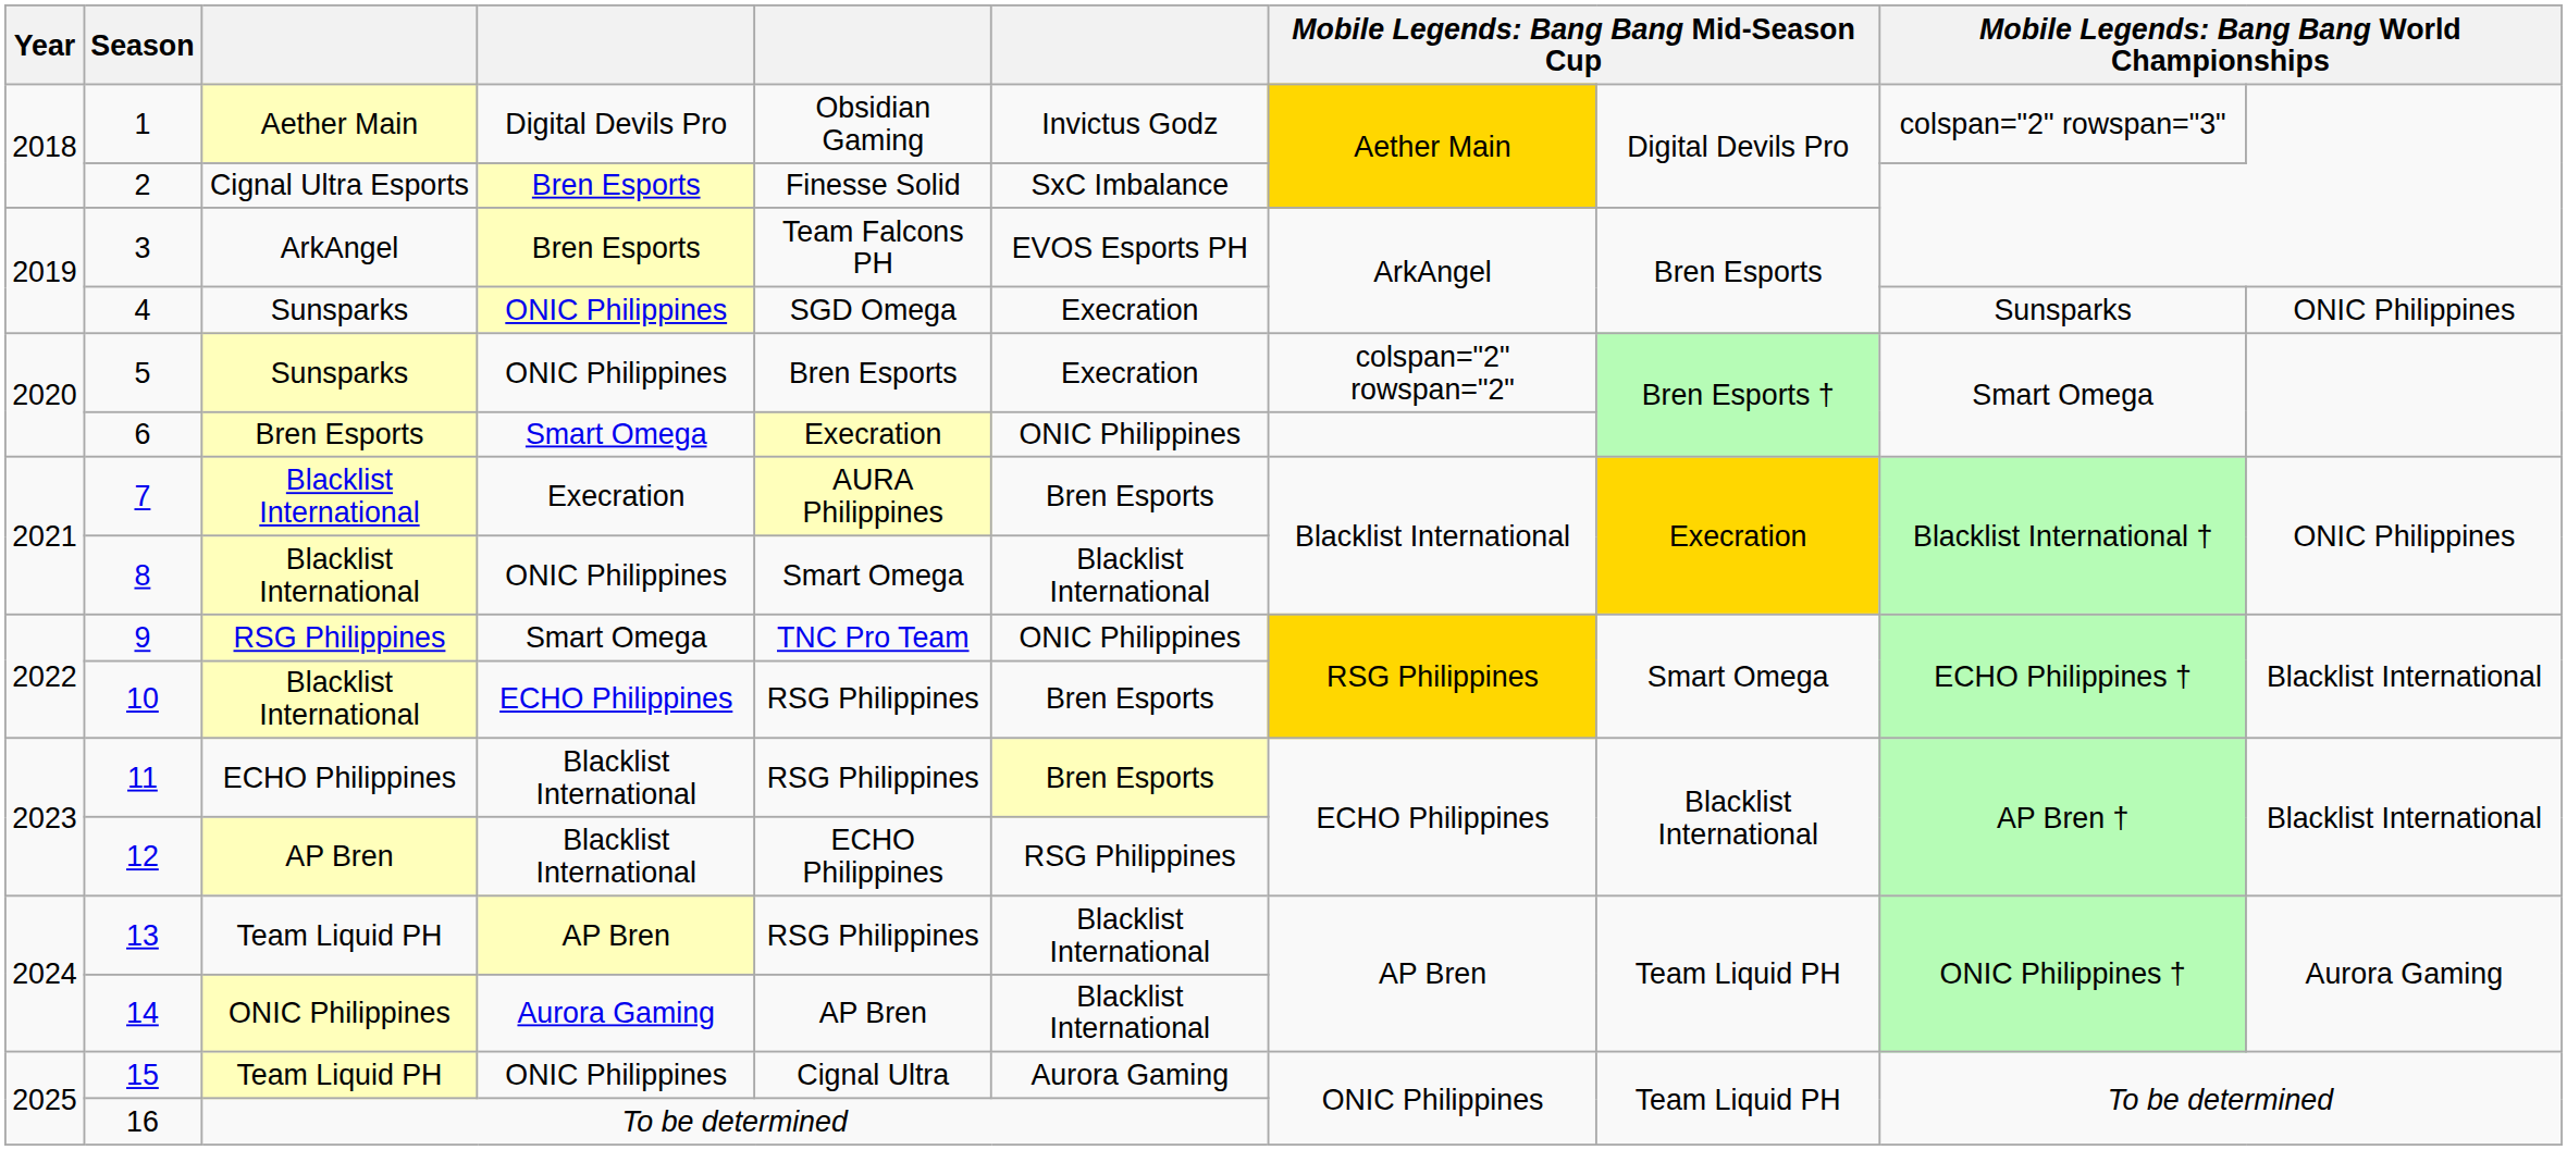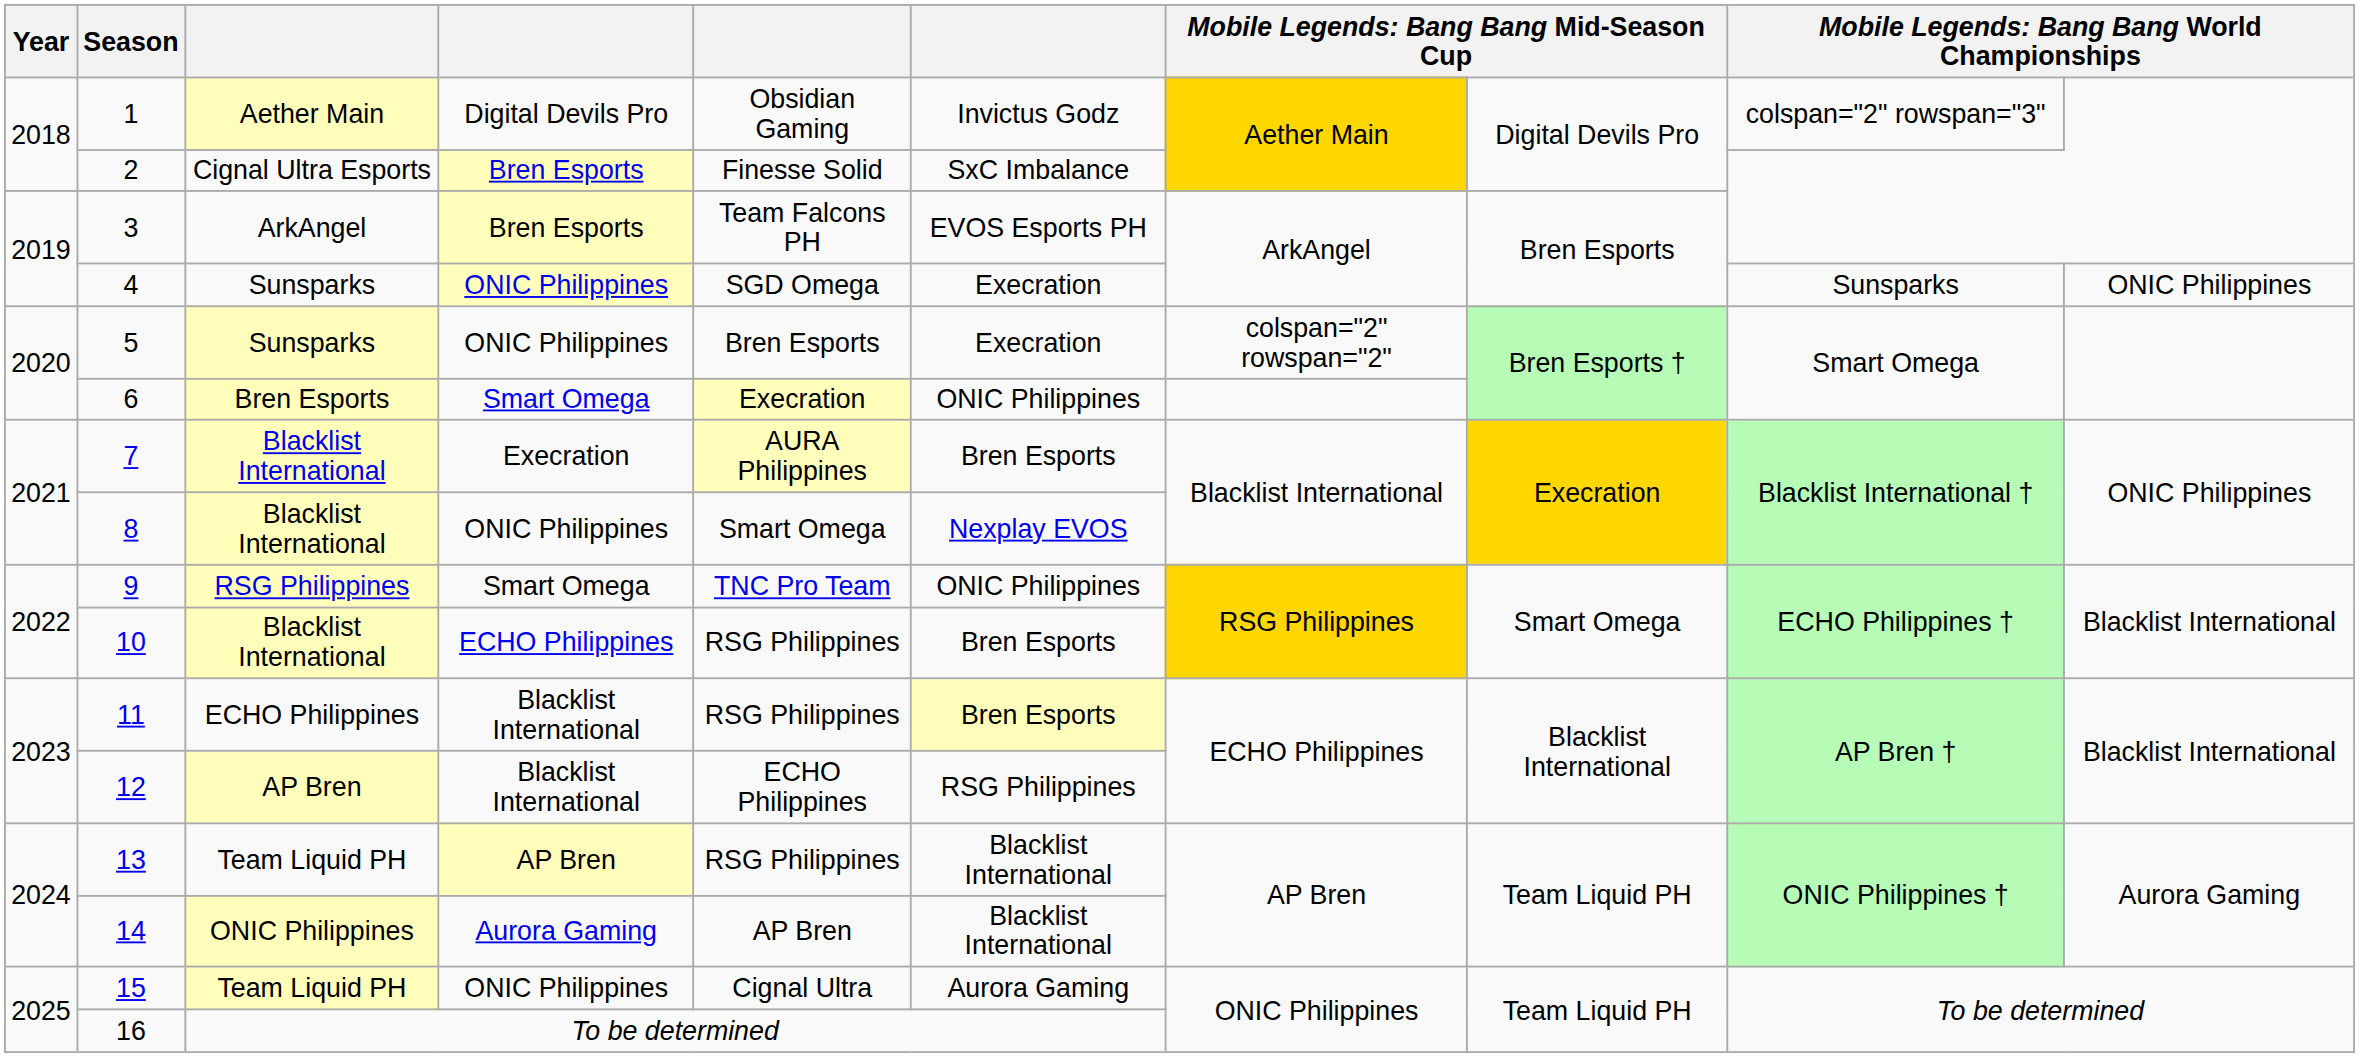 <table class="wikitable" style="text-align: center; margin-left: auto; margin-right: auto; font-size: 90%;">
 <tr>
 <th>Year</th>
 <th>Season</th>
 <th></th>
 <th></th>
 <th></th>
 <th></th>
 <th colspan="2"><em>Mobile Legends: Bang Bang</em> Mid-Season Cup</th>
 <th colspan="2"><em>Mobile Legends: Bang Bang</em> World Championships</th>
 </tr>
 <tr>
 <td rowspan="2">2018</td>
 <td>1</td>
 <td style="background:#FFFFBB;">Aether Main</td>
 <td>Digital Devils Pro</td>
 <td>Obsidian Gaming</td>
 <td>Invictus Godz</td>
 <td rowspan="2" style="background:#FFD700;">Aether Main</td>
 <td rowspan="2">Digital Devils Pro</td>
 <td>colspan="2" rowspan="3" </td>
 </tr>
 <tr>
 <td>2</td>
 <td>Cignal Ultra Esports</td>
 <td style="background:#FFFFBB;"><a href='#'>Bren Esports</a></td>
 <td>Finesse Solid</td>
 <td>SxC Imbalance</td>
 </tr>
 <tr>
 <td rowspan="2">2019</td>
 <td>3</td>
 <td>ArkAngel</td>
 <td style="background:#FFFFBB;">Bren Esports</td>
 <td>Team Falcons PH</td>
 <td>EVOS Esports PH</td>
 <td rowspan="2">ArkAngel</td>
 <td rowspan="2">Bren Esports</td>
 </tr>
 <tr>
 <td>4</td>
 <td>Sunsparks</td>
 <td style="background:#FFFFBB;"><a href='#'>ONIC Philippines</a></td>
 <td>SGD Omega</td>
 <td>Execration</td>
 <td>Sunsparks</td>
 <td>ONIC Philippines</td>
 </tr>
 <tr>
 <td rowspan="2">2020</td>
 <td>5</td>
 <td style="background:#FFFFBB;">Sunsparks</td>
 <td>ONIC Philippines</td>
 <td>Bren Esports</td>
 <td>Execration</td>
 <td>colspan="2" rowspan="2" </td>
 <td rowspan="2" style="background:#b6fcb6;">Bren Esports †</td>
 <td rowspan="2">Smart Omega</td>
 </tr>
 <tr>
 <td>6</td>
 <td style="background:#FFFFBB;">Bren Esports</td>
 <td><a href='#'>Smart Omega</a></td>
 <td style="background:#FFFFBB;">Execration</td>
 <td>ONIC Philippines</td>
 </tr>
 <tr>
 <td rowspan="2">2021</td>
 <td><a href='#'>7</a></td>
 <td style="background:#FFFFBB;"><a href='#'>Blacklist International</a></td>
 <td>Execration</td>
 <td style="background:#FFFFBB;">AURA Philippines</td>
 <td>Bren Esports</td>
 <td rowspan="2">Blacklist International</td>
 <td rowspan="2" style="background:#FFD700;">Execration </td>
 <td rowspan="2" style="background:#b6fcb6;">Blacklist International † </td>
 <td rowspan="2">ONIC Philippines </td>
 </tr>
 <tr>
 <td><a href='#'>8</a></td>
 <td style="background:#FFFFBB;">Blacklist International</td>
 <td>ONIC Philippines</td>
 <td>Smart Omega</td>
-<td>Blacklist International</td>
+<td><a href='#'>Nexplay EVOS</a></td>
 </tr>
 <tr>
 <td rowspan="2">2022</td>
 <td><a href='#'>9</a></td>
 <td style="background:#FFFFBB;"><a href='#'>RSG Philippines</a></td>
 <td>Smart Omega</td>
 <td><a href='#'>TNC Pro Team</a></td>
 <td>ONIC Philippines</td>
 <td rowspan="2" style="background:#FFD700;">RSG Philippines </td>
 <td rowspan="2">Smart Omega</td>
 <td rowspan="2" style="background:#b6fcb6;">ECHO Philippines † </td>
 <td rowspan="2">Blacklist International</td>
 </tr>
 <tr>
 <td><a href='#'>10</a></td>
 <td style="background:#FFFFBB;">Blacklist International</td>
 <td><a href='#'>ECHO Philippines</a></td>
 <td>RSG Philippines</td>
 <td>Bren Esports</td>
 </tr>
 <tr>
 <td rowspan="2">2023</td>
 <td><a href='#'>11</a></td>
 <td>ECHO Philippines</td>
 <td>Blacklist International</td>
 <td>RSG Philippines</td>
 <td style="background:#FFFFBB;">Bren Esports</td>
 <td rowspan="2">ECHO Philippines</td>
 <td rowspan="2">Blacklist International</td>
 <td rowspan="2" style="background:#b6fcb6;">AP Bren †</td>
 <td rowspan="2">Blacklist International</td>
 </tr>
 <tr>
 <td><a href='#'>12</a></td>
 <td style="background:#FFFFBB;">AP Bren</td>
 <td>Blacklist International</td>
 <td>ECHO Philippines</td>
 <td>RSG Philippines</td>
 </tr>
 <tr>
 <td rowspan="2">2024</td>
 <td><a href='#'>13</a></td>
 <td>Team Liquid PH</td>
 <td style="background:#FFFFBB;">AP Bren</td>
 <td>RSG Philippines</td>
 <td>Blacklist International</td>
 <td rowspan="2">AP Bren</td>
 <td rowspan="2">Team Liquid PH</td>
 <td rowspan="2" style="background:#b6fcb6;">ONIC Philippines †</td>
 <td rowspan="2">Aurora Gaming</td>
 </tr>
 <tr>
 <td><a href='#'>14</a></td>
 <td style="background:#FFFFBB;">ONIC Philippines</td>
 <td><a href='#'>Aurora Gaming</a></td>
 <td>AP Bren</td>
 <td>Blacklist International</td>
 </tr>
 <tr>
 <td rowspan="2">2025</td>
 <td><a href='#'>15</a></td>
 <td style="background:#FFFFBB;">Team Liquid PH</td>
 <td>ONIC Philippines</td>
 <td>Cignal Ultra</td>
 <td>Aurora Gaming</td>
 <td rowspan="2">ONIC Philippines</td>
 <td rowspan="2">Team Liquid PH</td>
 <td colspan="2" rowspan="2"><em>To be determined</em></td>
 </tr>
 <tr>
 <td>16</td>
 <td colspan="4"><em>To be determined</em></td>
 </tr>
 </table>
